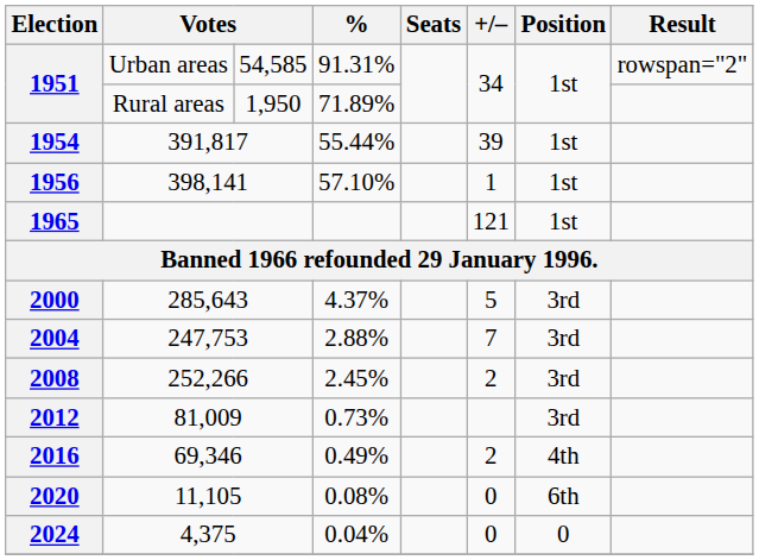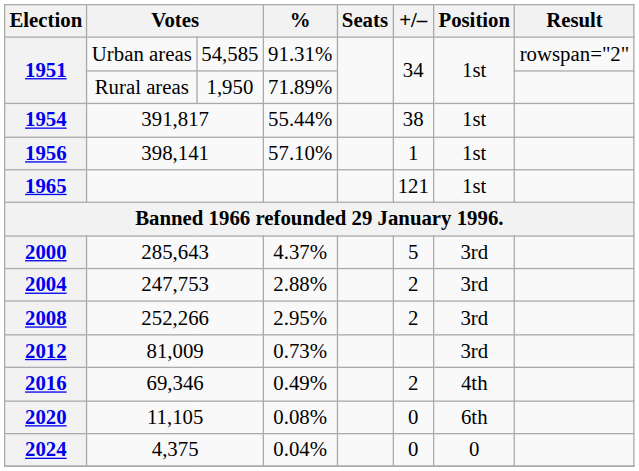 <table class="wikitable" style="text-align:center">
 <tr>
 <th>Election</th>
 <th colspan="2">Votes</th>
 <th>%</th>
 <th>Seats</th>
 <th>+/–</th>
 <th>Position</th>
 <th><strong>Result</strong></th>
 </tr>
 <tr>
 <th rowspan="2"><a href='#'>1951</a></th>
 <td>Urban areas</td>
 <td>54,585</td>
 <td>91.31%</td>
 <td rowspan="2"></td>
 <td rowspan="2"> 34</td>
 <td rowspan="2"> 1st</td>
 <td>rowspan="2" </td>
 </tr>
 <tr>
 <td>Rural areas</td>
 <td>1,950</td>
 <td>71.89%</td>
 </tr>
 <tr>
 <th><a href='#'>1954</a></th>
 <td colspan="2">391,817</td>
 <td>55.44%</td>
 <td></td>
-<td> 39</td>
+<td> 38</td>
 <td> 1st</td>
 <td></td>
 </tr>
 <tr>
 <th><a href='#'>1956</a></th>
 <td colspan="2">398,141</td>
 <td>57.10%</td>
 <td></td>
 <td> 1</td>
 <td> 1st</td>
 <td></td>
 </tr>
 <tr>
 <th><a href='#'>1965</a></th>
 <td colspan="2"></td>
 <td></td>
 <td></td>
 <td> 121</td>
 <td> 1st</td>
 <td></td>
 </tr>
 <tr>
 <th colspan="8">Banned 1966 refounded 29 January 1996.</th>
 </tr>
 <tr>
 <th><a href='#'>2000</a></th>
 <td colspan="2">285,643</td>
 <td>4.37%</td>
 <td></td>
 <td> 5</td>
 <td> 3rd</td>
 <td></td>
 </tr>
 <tr>
 <th><a href='#'>2004</a></th>
 <td colspan="2">247,753</td>
 <td>2.88%</td>
 <td></td>
-<td> 7</td>
+<td> 2</td>
 <td> 3rd</td>
 <td></td>
 </tr>
 <tr>
 <th><a href='#'>2008</a></th>
 <td colspan="2">252,266</td>
-<td>2.45%</td>
+<td>2.95%</td>
 <td></td>
 <td> 2</td>
 <td> 3rd</td>
 <td></td>
 </tr>
 <tr>
 <th><a href='#'>2012</a></th>
 <td colspan="2">81,009</td>
 <td>0.73%</td>
 <td></td>
 <td></td>
 <td> 3rd</td>
 <td></td>
 </tr>
 <tr>
 <th><a href='#'>2016</a></th>
 <td colspan="2">69,346</td>
 <td>0.49%</td>
 <td></td>
 <td> 2</td>
 <td> 4th</td>
 <td></td>
 </tr>
 <tr>
 <th><a href='#'>2020</a></th>
 <td colspan="2">11,105</td>
 <td>0.08%</td>
 <td></td>
 <td> 0</td>
 <td> 6th</td>
 <td></td>
 </tr>
 <tr>
 <th><a href='#'>2024</a></th>
 <td colspan="2">4,375</td>
 <td>0.04%</td>
 <td></td>
 <td> 0</td>
 <td> 0</td>
 <td></td>
 </tr>
 <tr>
 </tr>
 </table>
